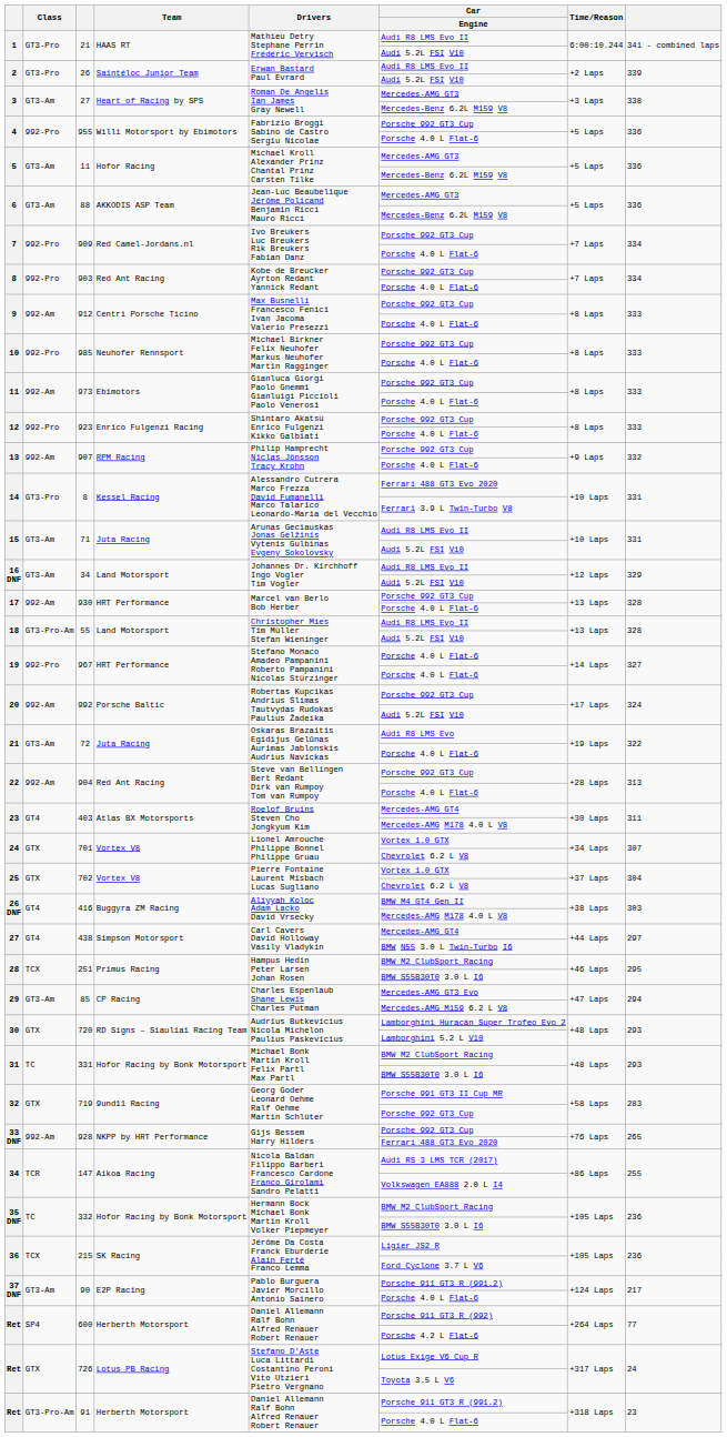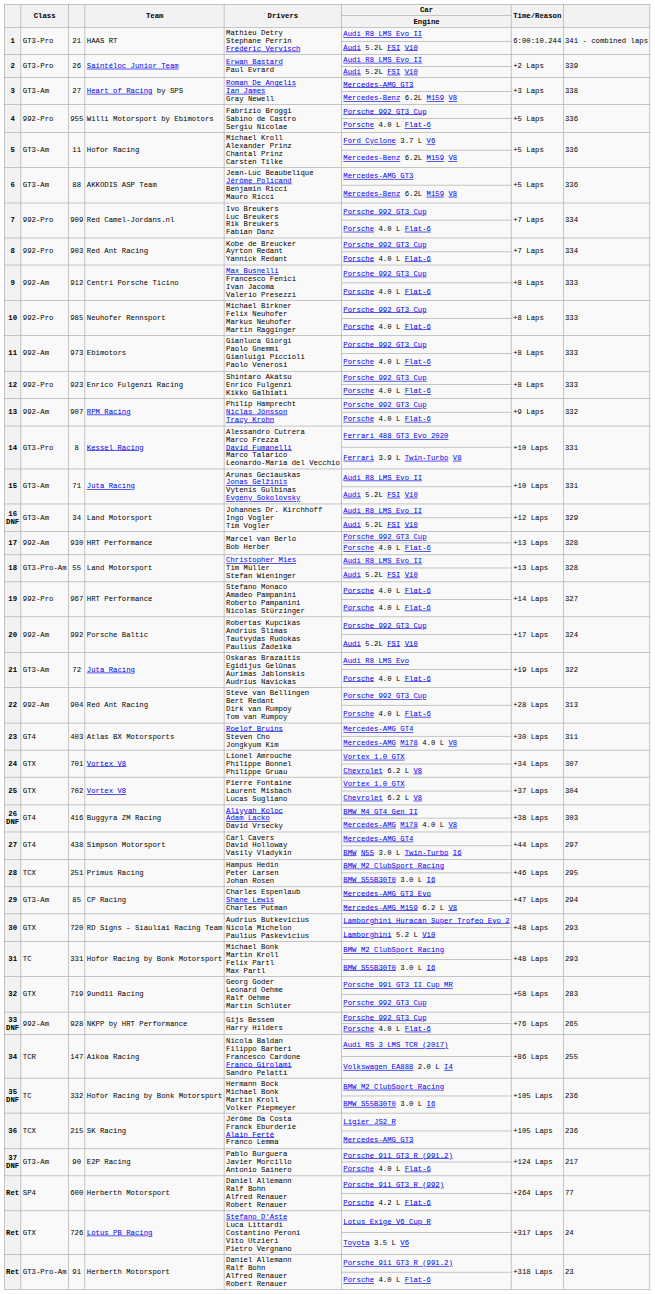 <table class="wikitable" style="font-size: 85%;">
 <tr>
 <th rowspan="2"></th>
 <th rowspan="2">Class</th>
 <th rowspan="2"></th>
 <th rowspan="2">Team</th>
 <th rowspan="2">Drivers</th>
 <th>Car</th>
 <th rowspan="2">Time/Reason</th>
 <th rowspan="2"></th>
 </tr>
 <tr>
 <th>Engine</th>
 </tr>
 <tr>
 <th rowspan="2">1</th>
 <td rowspan="2">GT3-Pro</td>
 <td rowspan="2" align="center">21</td>
 <td rowspan="2"> HAAS RT</td>
 <td rowspan="2"> Mathieu Detry<br> Stephane Perrin<br> <a href='#'>Frédéric Vervisch</a></td>
 <td><a href='#'>Audi R8 LMS Evo II</a></td>
 <td rowspan="2">6:00:10.244</td>
 <td rowspan="2">341 - combined laps</td>
 </tr>
 <tr>
 <td><a href='#'>Audi</a> 5.2L <a href='#'>FSI</a> <a href='#'>V10</a></td>
 </tr>
 <tr>
 <th rowspan="2">2</th>
 <td rowspan="2">GT3-Pro</td>
 <td rowspan="2" align="center">26</td>
 <td rowspan="2"> <a href='#'>Saintéloc Junior Team</a></td>
 <td rowspan="2"> <a href='#'>Erwan Bastard</a><br> Paul Evrard</td>
 <td><a href='#'>Audi R8 LMS Evo II</a></td>
 <td rowspan="2">+2 Laps</td>
 <td rowspan="2">339</td>
 </tr>
 <tr>
 <td><a href='#'>Audi</a> 5.2L <a href='#'>FSI</a> <a href='#'>V10</a></td>
 </tr>
 <tr>
 <th rowspan="2">3</th>
 <td rowspan="2">GT3-Am</td>
 <td rowspan="2" align="center">27</td>
 <td rowspan="2"> <a href='#'>Heart of Racing</a> by SPS</td>
 <td rowspan="2"> <a href='#'>Roman De Angelis</a><br> <a href='#'>Ian James</a><br> Gray Newell</td>
 <td><a href='#'>Mercedes-AMG GT3</a></td>
 <td rowspan="2">+3 Laps</td>
 <td rowspan="2">338</td>
 </tr>
 <tr>
 <td><a href='#'>Mercedes-Benz</a> 6.2L <a href='#'>M159</a> <a href='#'>V8</a></td>
 </tr>
 <tr>
 <th rowspan="2">4</th>
 <td rowspan="2">992-Pro</td>
 <td rowspan="2" align="center">955</td>
 <td rowspan="2"> Willi Motorsport by Ebimotors</td>
 <td rowspan="2"> Fabrizio Broggi<br> Sabino de Castro<br> Sergiu Nicolae</td>
 <td><a href='#'>Porsche 992 GT3 Cup</a></td>
 <td rowspan="2">+5 Laps</td>
 <td rowspan="2">336</td>
 </tr>
 <tr>
 <td><a href='#'>Porsche</a> 4.0 L <a href='#'>Flat-6</a></td>
 </tr>
 <tr>
 <th rowspan="2">5</th>
 <td rowspan="2">GT3-Am</td>
 <td rowspan="2" align="center">11</td>
 <td rowspan="2"> Hofor Racing</td>
 <td rowspan="2"> Michael Kroll<br> Alexander Prinz<br> Chantal Prinz<br> Carsten Tilke</td>
-<td><a href='#'>Mercedes-AMG GT3</a></td>
+<td><a href='#'>Ford Cyclone</a> 3.7 L <a href='#'>V6</a></td>
 <td rowspan="2">+5 Laps</td>
 <td rowspan="2">336</td>
 </tr>
 <tr>
 <td><a href='#'>Mercedes-Benz</a> 6.2L <a href='#'>M159</a> <a href='#'>V8</a></td>
 </tr>
 <tr>
 <th rowspan="2">6</th>
 <td rowspan="2">GT3-Am</td>
 <td rowspan="2" align="center">88</td>
 <td rowspan="2"> AKKODIS ASP Team</td>
 <td rowspan="2"> Jean-Luc Beaubelique<br> <a href='#'>Jérôme Policand</a><br> Benjamin Ricci<br> Mauro Ricci</td>
 <td><a href='#'>Mercedes-AMG GT3</a></td>
 <td rowspan="2">+5 Laps</td>
 <td rowspan="2">336</td>
 </tr>
 <tr>
 <td><a href='#'>Mercedes-Benz</a> 6.2L <a href='#'>M159</a> <a href='#'>V8</a></td>
 </tr>
 <tr>
 <th rowspan="2">7</th>
 <td rowspan="2">992-Pro</td>
 <td rowspan="2" align="center">909</td>
 <td rowspan="2"> Red Camel-Jordans.nl</td>
 <td rowspan="2"> Ivo Breukers<br> Luc Breukers<br> Rik Breukers<br> Fabian Danz</td>
 <td><a href='#'>Porsche 992 GT3 Cup</a></td>
 <td rowspan="2">+7 Laps</td>
 <td rowspan="2">334</td>
 </tr>
 <tr>
 <td><a href='#'>Porsche</a> 4.0 L <a href='#'>Flat-6</a></td>
 </tr>
 <tr>
 <th rowspan="2">8</th>
 <td rowspan="2">992-Pro</td>
 <td rowspan="2" align="center">903</td>
 <td rowspan="2"> Red Ant Racing</td>
 <td rowspan="2"> Kobe de Breucker<br> Ayrton Redant<br> Yannick Redant</td>
 <td><a href='#'>Porsche 992 GT3 Cup</a></td>
 <td rowspan="2">+7 Laps</td>
 <td rowspan="2">334</td>
 </tr>
 <tr>
 <td><a href='#'>Porsche</a> 4.0 L <a href='#'>Flat-6</a></td>
 </tr>
 <tr>
 <th rowspan="2">9</th>
 <td rowspan="2">992-Am</td>
 <td rowspan="2" align="center">912</td>
 <td rowspan="2"> Centri Porsche Ticino</td>
 <td rowspan="2"> <a href='#'>Max Busnelli</a><br> Francesco Fenici<br> Ivan Jacoma<br> Valerio Presezzi</td>
 <td><a href='#'>Porsche 992 GT3 Cup</a></td>
 <td rowspan="2">+8 Laps</td>
 <td rowspan="2">333</td>
 </tr>
 <tr>
 <td><a href='#'>Porsche</a> 4.0 L <a href='#'>Flat-6</a></td>
 </tr>
 <tr>
 <th rowspan="2">10</th>
 <td rowspan="2">992-Pro</td>
 <td rowspan="2" align="center">985</td>
 <td rowspan="2"> Neuhofer Rennsport</td>
 <td rowspan="2"> Michael Birkner<br> Felix Neuhofer<br> Markus Neuhofer<br> Martin Ragginger</td>
 <td><a href='#'>Porsche 992 GT3 Cup</a></td>
 <td rowspan="2">+8 Laps</td>
 <td rowspan="2">333</td>
 </tr>
 <tr>
 <td><a href='#'>Porsche</a> 4.0 L <a href='#'>Flat-6</a></td>
 </tr>
 <tr>
 <th rowspan="2">11</th>
 <td rowspan="2">992-Am</td>
 <td rowspan="2" align="center">973</td>
 <td rowspan="2"> Ebimotors</td>
 <td rowspan="2"> Gianluca Giorgi<br> Paolo Gnemmi<br> Gianluigi Piccioli<br> Paolo Venerosi</td>
 <td><a href='#'>Porsche 992 GT3 Cup</a></td>
 <td rowspan="2">+8 Laps</td>
 <td rowspan="2">333</td>
 </tr>
 <tr>
 <td><a href='#'>Porsche</a> 4.0 L <a href='#'>Flat-6</a></td>
 </tr>
 <tr>
 <th rowspan="2">12</th>
 <td rowspan="2">992-Pro</td>
 <td rowspan="2" align="center">923</td>
 <td rowspan="2"> Enrico Fulgenzi Racing</td>
 <td rowspan="2"> Shintaro Akatsu<br> Enrico Fulgenzi<br> Kikko Galbiati</td>
 <td><a href='#'>Porsche 992 GT3 Cup</a></td>
 <td rowspan="2">+8 Laps</td>
 <td rowspan="2">333</td>
 </tr>
 <tr>
 <td><a href='#'>Porsche</a> 4.0 L <a href='#'>Flat-6</a></td>
 </tr>
 <tr>
 <th rowspan="2">13</th>
 <td rowspan="2">992-Am</td>
 <td rowspan="2" align="center">907</td>
 <td rowspan="2"> <a href='#'>RPM Racing</a></td>
 <td rowspan="2"> Philip Hamprecht<br> <a href='#'>Niclas Jönsson</a><br> <a href='#'>Tracy Krohn</a></td>
 <td><a href='#'>Porsche 992 GT3 Cup</a></td>
 <td rowspan="2">+9 Laps</td>
 <td rowspan="2">332</td>
 </tr>
 <tr>
 <td><a href='#'>Porsche</a> 4.0 L <a href='#'>Flat-6</a></td>
 </tr>
 <tr>
 <th rowspan="2">14</th>
 <td rowspan="2">GT3-Pro</td>
 <td rowspan="2" align="center">8</td>
 <td rowspan="2"> <a href='#'>Kessel Racing</a></td>
 <td rowspan="2"> Alessandro Cutrera<br> Marco Frezza<br> <a href='#'>David Fumanelli</a><br> Marco Talarico<br> Leonardo-Maria del Vecchio</td>
 <td><a href='#'>Ferrari 488 GT3 Evo 2020</a></td>
 <td rowspan="2">+10 Laps</td>
 <td rowspan="2">331</td>
 </tr>
 <tr>
 <td><a href='#'>Ferrari</a> 3.9 L <a href='#'>Twin-Turbo</a> <a href='#'>V8</a></td>
 </tr>
 <tr>
 <th rowspan="2">15</th>
 <td rowspan="2">GT3-Am</td>
 <td rowspan="2" align="center">71</td>
 <td rowspan="2"> <a href='#'>Juta Racing</a></td>
 <td rowspan="2"> Arunas Geciauskas<br> <a href='#'>Jonas Gelžinis</a><br> Vytenis Gulbinas<br> <a href='#'>Evgeny Sokolovsky</a></td>
 <td><a href='#'>Audi R8 LMS Evo II</a></td>
 <td rowspan="2">+10 Laps</td>
 <td rowspan="2">331</td>
 </tr>
 <tr>
 <td><a href='#'>Audi</a> 5.2L <a href='#'>FSI</a> <a href='#'>V10</a></td>
 </tr>
 <tr>
 <th rowspan="2">16<br>DNF</th>
 <td rowspan="2">GT3-Am</td>
 <td rowspan="2" align="center">34</td>
 <td rowspan="2"> Land Motorsport</td>
 <td rowspan="2"> Johannes Dr. Kirchhoff<br> Ingo Vogler<br> Tim Vogler</td>
 <td><a href='#'>Audi R8 LMS Evo II</a></td>
 <td rowspan="2">+12 Laps</td>
 <td rowspan="2">329</td>
 </tr>
 <tr>
 <td><a href='#'>Audi</a> 5.2L <a href='#'>FSI</a> <a href='#'>V10</a></td>
 </tr>
 <tr>
 <th rowspan="2">17</th>
 <td rowspan="2">992-Am</td>
 <td rowspan="2" align="center">930</td>
 <td rowspan="2"> HRT Performance</td>
 <td rowspan="2"> Marcel van Berlo<br> Bob Herber</td>
 <td><a href='#'>Porsche 992 GT3 Cup</a></td>
 <td rowspan="2">+13 Laps</td>
 <td rowspan="2">328</td>
 </tr>
 <tr>
 <td><a href='#'>Porsche</a> 4.0 L <a href='#'>Flat-6</a></td>
 </tr>
 <tr>
 <th rowspan="2">18</th>
 <td rowspan="2">GT3-Pro-Am</td>
 <td rowspan="2" align="center">55</td>
 <td rowspan="2"> Land Motorsport</td>
 <td rowspan="2"> <a href='#'>Christopher Mies</a><br> Tim Müller<br> Stefan Wieninger</td>
 <td><a href='#'>Audi R8 LMS Evo II</a></td>
 <td rowspan="2">+13 Laps</td>
 <td rowspan="2">328</td>
 </tr>
 <tr>
 <td><a href='#'>Audi</a> 5.2L <a href='#'>FSI</a> <a href='#'>V10</a></td>
 </tr>
 <tr>
 <th rowspan="2">19</th>
 <td rowspan="2">992-Pro</td>
 <td rowspan="2" align="center">967</td>
 <td rowspan="2"> HRT Performance</td>
 <td rowspan="2"> Stefano Monaco<br> Amadeo Pampanini<br> Roberto Pampanini<br> Nicolas Stürzinger</td>
 <td><a href='#'>Porsche</a> 4.0 L <a href='#'>Flat-6</a></td>
 <td rowspan="2">+14 Laps</td>
 <td rowspan="2">327</td>
 </tr>
 <tr>
 <td><a href='#'>Porsche</a> 4.0 L <a href='#'>Flat-6</a></td>
 </tr>
 <tr>
 <th rowspan="2">20</th>
 <td rowspan="2">992-Am</td>
 <td rowspan="2" align="center">992</td>
 <td rowspan="2"> Porsche Baltic</td>
 <td rowspan="2"> Robertas Kupcikas<br> Andrius Šlimas<br> Tautvydas Rudokas<br> Paulius Žadeika</td>
 <td><a href='#'>Porsche 992 GT3 Cup</a></td>
 <td rowspan="2">+17 Laps</td>
 <td rowspan="2">324</td>
 </tr>
 <tr>
 <td><a href='#'>Audi</a> 5.2L <a href='#'>FSI</a> <a href='#'>V10</a></td>
 </tr>
 <tr>
 <th rowspan="2">21</th>
 <td rowspan="2">GT3-Am</td>
 <td rowspan="2" align="center">72</td>
 <td rowspan="2"> <a href='#'>Juta Racing</a></td>
 <td rowspan="2"> Oskaras Brazaitis<br> Egidijus Gelūnas<br> Aurimas Jablonskis<br> Audrius Navickas</td>
 <td><a href='#'>Audi R8 LMS Evo</a></td>
 <td rowspan="2">+19 Laps</td>
 <td rowspan="2">322</td>
 </tr>
 <tr>
 <td><a href='#'>Porsche</a> 4.0 L <a href='#'>Flat-6</a></td>
 </tr>
 <tr>
 <th rowspan="2">22</th>
 <td rowspan="2">992-Am</td>
 <td rowspan="2" align="center">904</td>
 <td rowspan="2"> Red Ant Racing</td>
 <td rowspan="2"> Steve van Bellingen<br> Bert Redant<br> Dirk van Rumpoy<br> Tom van Rumpoy</td>
 <td><a href='#'>Porsche 992 GT3 Cup</a></td>
 <td rowspan="2">+28 Laps</td>
 <td rowspan="2">313</td>
 </tr>
 <tr>
 <td><a href='#'>Porsche</a> 4.0 L <a href='#'>Flat-6</a></td>
 </tr>
 <tr>
 <th rowspan="2">23</th>
 <td rowspan="2">GT4</td>
 <td rowspan="2" align="center">403</td>
 <td rowspan="2"> Atlas BX Motorsports</td>
 <td rowspan="2"> <a href='#'>Roelof Bruins</a><br> Steven Cho<br> Jongkyum Kim</td>
 <td><a href='#'>Mercedes-AMG GT4</a></td>
 <td rowspan="2">+30 Laps</td>
 <td rowspan="2">311</td>
 </tr>
 <tr>
 <td><a href='#'>Mercedes-AMG</a> <a href='#'>M178</a> 4.0 L <a href='#'>V8</a></td>
 </tr>
 <tr>
 <th rowspan="2">24</th>
 <td rowspan="2">GTX</td>
 <td rowspan="2" align="center">701</td>
 <td rowspan="2"> <a href='#'>Vortex V8</a></td>
 <td rowspan="2"> Lionel Amrouche<br> Philippe Bonnel<br> Philippe Gruau</td>
 <td><a href='#'>Vortex 1.0 GTX</a></td>
 <td rowspan="2">+34 Laps</td>
 <td rowspan="2">307</td>
 </tr>
 <tr>
 <td><a href='#'>Chevrolet</a> 6.2 L <a href='#'>V8</a></td>
 </tr>
 <tr>
 <th rowspan="2">25</th>
 <td rowspan="2">GTX</td>
 <td rowspan="2" align="center">702</td>
 <td rowspan="2"> <a href='#'>Vortex V8</a></td>
 <td rowspan="2"> Pierre Fontaine<br> Laurent Misbach<br> Lucas Sugliano</td>
 <td><a href='#'>Vortex 1.0 GTX</a></td>
 <td rowspan="2">+37 Laps</td>
 <td rowspan="2">304</td>
 </tr>
 <tr>
 <td><a href='#'>Chevrolet</a> 6.2 L <a href='#'>V8</a></td>
 </tr>
 <tr>
 <th rowspan="2">26<br>DNF</th>
 <td rowspan="2">GT4</td>
 <td rowspan="2" align="center">416</td>
 <td rowspan="2"> Buggyra ZM Racing</td>
 <td rowspan="2"> <a href='#'>Aliyyah Koloc</a><br> <a href='#'>Adam Lacko</a><br> David Vrsecky</td>
 <td><a href='#'>BMW M4 GT4 Gen II</a></td>
 <td rowspan="2">+38 Laps</td>
 <td rowspan="2">303</td>
 </tr>
 <tr>
 <td><a href='#'>Mercedes-AMG</a> <a href='#'>M178</a> 4.0 L <a href='#'>V8</a></td>
 </tr>
 <tr>
 <th rowspan="2">27</th>
 <td rowspan="2">GT4</td>
 <td rowspan="2" align="center">438</td>
 <td rowspan="2"> Simpson Motorsport</td>
 <td rowspan="2"> Carl Cavers<br> David Holloway<br> Vasily Vladykin</td>
 <td><a href='#'>Mercedes-AMG GT4</a></td>
 <td rowspan="2">+44 Laps</td>
 <td rowspan="2">297</td>
 </tr>
 <tr>
 <td><a href='#'>BMW</a> <a href='#'>N55</a> 3.0 L <a href='#'>Twin-Turbo</a> <a href='#'>I6</a></td>
 </tr>
 <tr>
 <th rowspan="2">28</th>
 <td rowspan="2">TCX</td>
 <td rowspan="2" align="center">251</td>
 <td rowspan="2"> Primus Racing</td>
 <td rowspan="2"> Hampus Hedin<br> Peter Larsen<br> Johan Rosen</td>
 <td><a href='#'>BMW M2 ClubSport Racing</a></td>
 <td rowspan="2">+46 Laps</td>
 <td rowspan="2">295</td>
 </tr>
 <tr>
 <td><a href='#'>BMW S55B30T0</a> 3.0 L <a href='#'>I6</a></td>
 </tr>
 <tr>
 <th rowspan="2">29</th>
 <td rowspan="2">GT3-Am</td>
 <td rowspan="2" align="center">85</td>
 <td rowspan="2"> CP Racing</td>
 <td rowspan="2"> Charles Espenlaub<br> <a href='#'>Shane Lewis</a><br> Charles Putman</td>
 <td><a href='#'>Mercedes-AMG GT3 Evo</a></td>
 <td rowspan="2">+47 Laps</td>
 <td rowspan="2">294</td>
 </tr>
 <tr>
 <td><a href='#'>Mercedes-AMG M159</a> 6.2 L <a href='#'>V8</a></td>
 </tr>
 <tr>
 <th rowspan="2">30</th>
 <td rowspan="2">GTX</td>
 <td rowspan="2" align="center">720</td>
 <td rowspan="2"> RD Signs – Siauliai Racing Team</td>
 <td rowspan="2"> Audrius Butkevicius<br> Nicola Michelon<br> Paulius Paskevicius</td>
 <td><a href='#'>Lamborghini Huracán Super Trofeo Evo 2</a></td>
 <td rowspan="2">+48 Laps</td>
 <td rowspan="2">293</td>
 </tr>
 <tr>
 <td><a href='#'>Lamborghini</a> 5.2 L <a href='#'>V10</a></td>
 </tr>
 <tr>
 <th rowspan="2">31</th>
 <td rowspan="2">TC</td>
 <td rowspan="2" align="center">331</td>
 <td rowspan="2"> Hofor Racing by Bonk Motorsport</td>
 <td rowspan="2"> Michael Bonk<br> Martin Kroll<br> Felix Partl<br> Max Partl</td>
 <td><a href='#'>BMW M2 ClubSport Racing</a></td>
 <td rowspan="2">+48 Laps</td>
 <td rowspan="2">293</td>
 </tr>
 <tr>
 <td><a href='#'>BMW S55B30T0</a> 3.0 L <a href='#'>I6</a></td>
 </tr>
 <tr>
 <th rowspan="2">32</th>
 <td rowspan="2">GTX</td>
 <td rowspan="2" align="center">719</td>
 <td rowspan="2"> 9und11 Racing</td>
 <td rowspan="2"> Georg Goder<br> Leonard Oehme<br> Ralf Oehme<br> Martin Schlüter</td>
 <td><a href='#'>Porsche 991 GT3 II Cup MR</a></td>
 <td rowspan="2">+58 Laps</td>
 <td rowspan="2">283</td>
 </tr>
 <tr>
 <td><a href='#'>Porsche 992 GT3 Cup</a></td>
 </tr>
 <tr>
 <th rowspan="2">33<br>DNF</th>
 <td rowspan="2">992-Am</td>
 <td rowspan="2" align="center">928</td>
 <td rowspan="2"> NKPP by HRT Performance</td>
 <td rowspan="2"> Gijs Bessem<br> Harry Hilders</td>
 <td><a href='#'>Porsche 992 GT3 Cup</a></td>
 <td rowspan="2">+76 Laps</td>
 <td rowspan="2">265</td>
 </tr>
 <tr>
-<td><a href='#'>Ferrari 488 GT3 Evo 2020</a></td>
+<td><a href='#'>Porsche</a> 4.0 L <a href='#'>Flat-6</a></td>
 </tr>
 <tr>
 <th rowspan="2">34</th>
 <td rowspan="2">TCR</td>
 <td rowspan="2" align="center">147</td>
 <td rowspan="2"> Aikoa Racing</td>
 <td rowspan="2"> Nicola Baldan<br> Filippo Barberi<br> Francesco Cardone<br> <a href='#'>Franco Girolami</a><br> Sandro Pelatti</td>
 <td><a href='#'>Audi RS 3 LMS TCR (2017)</a></td>
 <td rowspan="2">+86 Laps</td>
 <td rowspan="2">255</td>
 </tr>
 <tr>
 <td><a href='#'>Volkswagen EA888</a> 2.0 L <a href='#'>I4</a></td>
 </tr>
 <tr>
 <th rowspan="2">35<br>DNF</th>
 <td rowspan="2">TC</td>
 <td rowspan="2" align="center">332</td>
 <td rowspan="2"> Hofor Racing by Bonk Motorsport</td>
 <td rowspan="2"> Hermann Bock<br> Michael Bonk<br> Martin Kroll<br> Volker Piepmeyer</td>
 <td><a href='#'>BMW M2 ClubSport Racing</a></td>
 <td rowspan="2">+105 Laps</td>
 <td rowspan="2">236</td>
 </tr>
 <tr>
 <td><a href='#'>BMW S55B30T0</a> 3.0 L <a href='#'>I6</a></td>
 </tr>
 <tr>
 <th rowspan="2">36</th>
 <td rowspan="2">TCX</td>
 <td rowspan="2" align="center">215</td>
 <td rowspan="2"> SK Racing</td>
 <td rowspan="2"> Jérôme Da Costa<br> Franck Eburderie<br> <a href='#'>Alain Ferté</a><br> Franco Lemma</td>
 <td><a href='#'>Ligier JS2 R</a></td>
 <td rowspan="2">+105 Laps</td>
 <td rowspan="2">236</td>
 </tr>
 <tr>
-<td><a href='#'>Ford Cyclone</a> 3.7 L <a href='#'>V6</a></td>
+<td><a href='#'>Mercedes-AMG GT3</a></td>
 </tr>
 <tr>
 <th rowspan="2">37<br>DNF</th>
 <td rowspan="2">GT3-Am</td>
 <td rowspan="2" align="center">90</td>
 <td rowspan="2"> E2P Racing</td>
 <td rowspan="2"> Pablo Burguera<br> Javier Morcillo<br> Antonio Sainero</td>
 <td><a href='#'>Porsche 911 GT3 R (991.2)</a></td>
 <td rowspan="2">+124 Laps</td>
 <td rowspan="2">217</td>
 </tr>
 <tr>
 <td><a href='#'>Porsche</a> 4.0 L <a href='#'>Flat-6</a></td>
 </tr>
 <tr>
 <th rowspan="2">Ret</th>
 <td rowspan="2">SP4</td>
 <td rowspan="2" align="center">600</td>
 <td rowspan="2"> Herberth Motorsport</td>
 <td rowspan="2"> Daniel Allemann<br> Ralf Bohn<br> Alfred Renauer<br> Robert Renauer</td>
 <td><a href='#'>Porsche 911 GT3 R (992)</a></td>
 <td rowspan="2">+264 Laps</td>
 <td rowspan="2">77</td>
 </tr>
 <tr>
 <td><a href='#'>Porsche</a> 4.2 L <a href='#'>Flat-6</a></td>
 </tr>
 <tr>
 <th rowspan="2">Ret</th>
 <td rowspan="2">GTX</td>
 <td rowspan="2" align="center">726</td>
 <td rowspan="2"> <a href='#'>Lotus PB Racing</a></td>
 <td rowspan="2"> <a href='#'>Stefano D'Aste</a><br> Luca Littardi<br> Costantino Peroni<br> Vito Utzieri<br> Pietro Vergnano</td>
 <td><a href='#'>Lotus Exige V6 Cup R</a></td>
 <td rowspan="2">+317 Laps</td>
 <td rowspan="2">24</td>
 </tr>
 <tr>
 <td><a href='#'>Toyota</a> 3.5 L <a href='#'>V6</a></td>
 </tr>
 <tr>
 <th rowspan="2">Ret</th>
 <td rowspan="2">GT3-Pro-Am</td>
 <td rowspan="2" align="center">91</td>
 <td rowspan="2"> Herberth Motorsport</td>
 <td rowspan="2"> Daniel Allemann<br> Ralf Bohn<br> Alfred Renauer<br> Robert Renauer</td>
 <td><a href='#'>Porsche 911 GT3 R (991.2)</a></td>
 <td rowspan="2">+318 Laps</td>
 <td rowspan="2">23</td>
 </tr>
 <tr>
 <td><a href='#'>Porsche</a> 4.0 L <a href='#'>Flat-6</a></td>
 </tr>
 </table>
